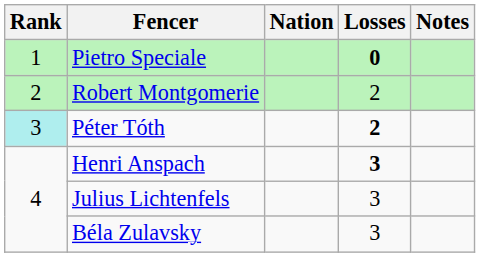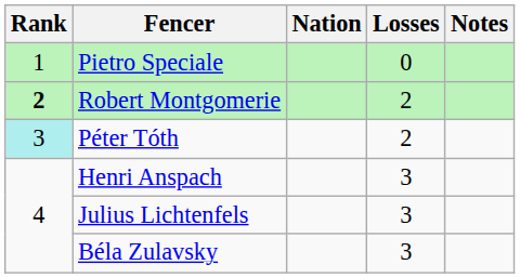 <table class="wikitable sortable" style="text-align:center">
 <tr>
 <th>Rank</th>
 <th>Fencer</th>
 <th>Nation</th>
 <th>Losses</th>
 <th>Notes</th>
 </tr>
 <tr bgcolor=bbf3bb>
 <td>1</td>
 <td align=left><a href='#'>Pietro Speciale</a></td>
 <td align=left></td>
-<td><strong>0</strong></td>
+<td>0</td>
 <td></td>
 </tr>
 <tr bgcolor=bbf3bb>
-<td>2</td>
+<td><strong>2</strong></td>
 <td align=left><a href='#'>Robert Montgomerie</a></td>
 <td align=left></td>
 <td>2</td>
 <td></td>
 </tr>
 <tr>
 <td style="background: paleturquoise;">3</td>
 <td align=left><a href='#'>Péter Tóth</a></td>
 <td align=left></td>
-<td><strong>2</strong></td>
+<td>2</td>
 <td></td>
 </tr>
 <tr>
 <td rowspan=3>4</td>
 <td align=left><a href='#'>Henri Anspach</a></td>
 <td align=left></td>
-<td><strong>3</strong></td>
+<td>3</td>
 <td></td>
 </tr>
 <tr>
 <td align=left><a href='#'>Julius Lichtenfels</a></td>
 <td align=left></td>
 <td>3</td>
 <td></td>
 </tr>
 <tr>
 <td align=left><a href='#'>Béla Zulavsky</a></td>
 <td align=left></td>
 <td>3</td>
 <td></td>
 </tr>
 </table>
